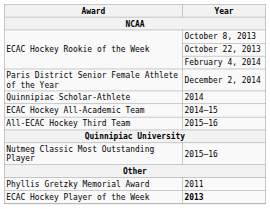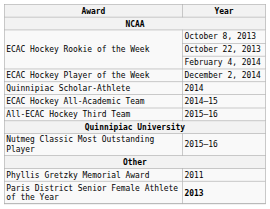 <table class="wikitable">
 <tr>
 <th scope="col" style="width:22em">Award</th>
 <th scope="col" style="width:10em">Year</th>
 </tr>
 <tr>
 <th colspan="2" style="text-align:center">NCAA</th>
 </tr>
 <tr>
 <td rowspan="3">ECAC Hockey Rookie of the Week</td>
 <td>October 8, 2013</td>
 </tr>
 <tr>
 <td>October 22, 2013</td>
 </tr>
 <tr>
 <td>February 4, 2014</td>
 </tr>
 <tr>
-<td>Paris District Senior Female Athlete of the Year</td>
+<td>ECAC Hockey Player of the Week</td>
 <td>December 2, 2014</td>
 </tr>
 <tr>
 <td>Quinnipiac Scholar-Athlete</td>
 <td>2014</td>
 </tr>
 <tr>
 <td>ECAC Hockey All-Academic Team</td>
 <td>2014–15</td>
 </tr>
 <tr>
 <td>All-ECAC Hockey Third Team</td>
 <td>2015–16</td>
 </tr>
 <tr>
 <th colspan="2"><strong>Quinnipiac University</strong></th>
 </tr>
 <tr>
 <td>Nutmeg Classic Most Outstanding Player</td>
 <td>2015–16</td>
 </tr>
 <tr>
 <th colspan="2" style="text-align:center">Other</th>
 </tr>
 <tr>
 <td>Phyllis Gretzky Memorial Award</td>
 <td>2011</td>
 </tr>
 <tr>
-<td>ECAC Hockey Player of the Week</td>
+<td>Paris District Senior Female Athlete of the Year</td>
 <td><strong>2013</strong></td>
 </tr>
 <tr>
 </tr>
 </table>
